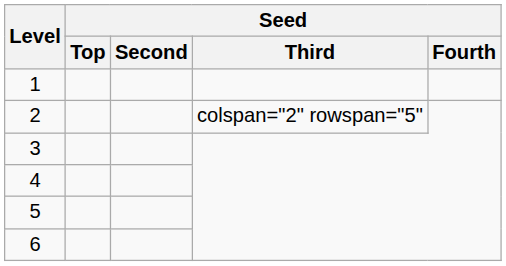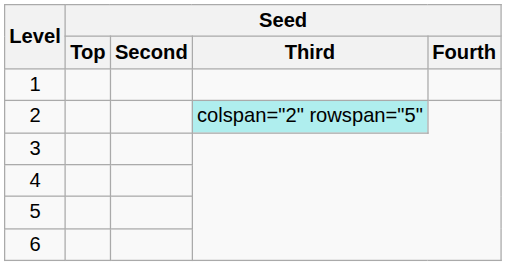 <table class="wikitable">
 <tr>
 <th rowspan="2">Level</th>
 <th colspan="4">Seed</th>
 </tr>
 <tr>
 <th>Top</th>
 <th>Second</th>
 <th>Third</th>
 <th>Fourth</th>
 </tr>
 <tr>
 <td align="center">1</td>
 <td></td>
 <td></td>
 <td></td>
 <td></td>
 </tr>
 <tr>
 <td align="center">2</td>
 <td></td>
 <td></td>
-<td>colspan="2" rowspan="5" </td>
+<td style="background: paleturquoise;">colspan="2" rowspan="5" </td>
 </tr>
 <tr>
 <td align="center">3</td>
 <td></td>
 <td></td>
 </tr>
 <tr>
 <td align="center">4</td>
 <td></td>
 <td></td>
 </tr>
 <tr>
 <td align="center">5</td>
 <td></td>
 <td></td>
 </tr>
 <tr>
 <td align="center">6</td>
 <td></td>
 <td></td>
 </tr>
 </table>
